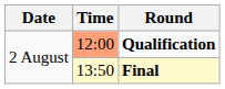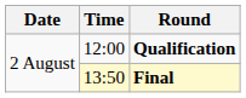 <table class="wikitable">
 <tr>
 <th>Date</th>
 <th>Time</th>
 <th>Round</th>
 </tr>
 <tr>
 <td rowspan=2>2 August</td>
-<td style="background: lightsalmon;">12:00</td>
+<td>12:00</td>
 <td><strong>Qualification</strong></td>
 </tr>
 <tr style=background:lemonchiffon>
 <td>13:50</td>
 <td><strong>Final</strong></td>
 </tr>
 </table>
